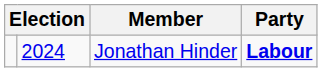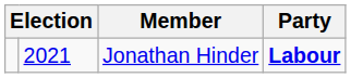 <table class="wikitable">
 <tr>
 <th colspan="2">Election</th>
 <th>Member</th>
 <th>Party</th>
 </tr>
 <tr>
 <td style="color:inherit;background-color: "></td>
-<td><a href='#'>2024</a></td>
+<td><a href='#'>2021</a></td>
 <td><a href='#'>Jonathan Hinder</a></td>
 <td><strong><a href='#'>Labour</a></strong></td>
 </tr>
 </table>
